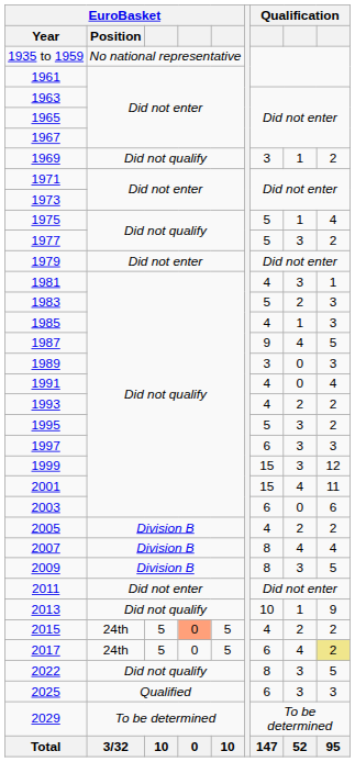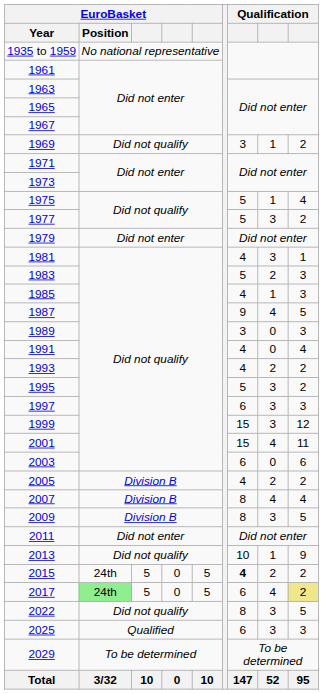 <table class="wikitable" style="text-align: center;font-size:90%;">
 <tr>
 <th colspan=5><a href='#'>EuroBasket</a></th>
 <th rowspan=36></th>
 <th colspan=3>Qualification</th>
 </tr>
 <tr>
 <th>Year</th>
 <th>Position</th>
 <th width=30></th>
 <th width=30></th>
 <th width=30></th>
 <th width=30></th>
 <th width=30></th>
 <th width=30></th>
 </tr>
 <tr>
 <td><a href='#'>1935</a> to <a href='#'>1959</a></td>
 <td colspan=4><em>No national representative</em></td>
 </tr>
 <tr>
 <td> <a href='#'>1961</a></td>
 <td colspan=4 rowspan=4><em>Did not enter</em></td>
 </tr>
 <tr>
 <td> <a href='#'>1963</a></td>
 <td colspan=3 rowspan=3><em>Did not enter</em></td>
 </tr>
 <tr>
 <td> <a href='#'>1965</a></td>
 </tr>
 <tr>
 <td> <a href='#'>1967</a></td>
 </tr>
 <tr>
 <td> <a href='#'>1969</a></td>
 <td colspan=4><em>Did not qualify</em></td>
 <td>3</td>
 <td>1</td>
 <td>2</td>
 </tr>
 <tr>
 <td> <a href='#'>1971</a></td>
 <td colspan=4 rowspan=2><em>Did not enter</em></td>
 <td colspan=3 rowspan=2><em>Did not enter</em></td>
 </tr>
 <tr>
 <td> <a href='#'>1973</a></td>
 </tr>
 <tr>
 <td> <a href='#'>1975</a></td>
 <td colspan=4 rowspan=2><em>Did not qualify</em></td>
 <td>5</td>
 <td>1</td>
 <td>4</td>
 </tr>
 <tr>
 <td> <a href='#'>1977</a></td>
 <td>5</td>
 <td>3</td>
 <td>2</td>
 </tr>
 <tr>
 <td> <a href='#'>1979</a></td>
 <td colspan=4><em>Did not enter</em></td>
 <td colspan=3><em>Did not enter</em></td>
 </tr>
 <tr>
 <td> <a href='#'>1981</a></td>
 <td colspan=4 rowspan=12><em>Did not qualify</em></td>
 <td>4</td>
 <td>3</td>
 <td>1</td>
 </tr>
 <tr>
 <td> <a href='#'>1983</a></td>
 <td>5</td>
 <td>2</td>
 <td>3</td>
 </tr>
 <tr>
 <td> <a href='#'>1985</a></td>
 <td>4</td>
 <td>1</td>
 <td>3</td>
 </tr>
 <tr>
 <td> <a href='#'>1987</a></td>
 <td>9</td>
 <td>4</td>
 <td>5</td>
 </tr>
 <tr>
 <td> <a href='#'>1989</a></td>
 <td>3</td>
 <td>0</td>
 <td>3</td>
 </tr>
 <tr>
 <td> <a href='#'>1991</a></td>
 <td>4</td>
 <td>0</td>
 <td>4</td>
 </tr>
 <tr>
 <td> <a href='#'>1993</a></td>
 <td>4</td>
 <td>2</td>
 <td>2</td>
 </tr>
 <tr>
 <td> <a href='#'>1995</a></td>
 <td>5</td>
 <td>3</td>
 <td>2</td>
 </tr>
 <tr>
 <td> <a href='#'>1997</a></td>
 <td>6</td>
 <td>3</td>
 <td>3</td>
 </tr>
 <tr>
 <td> <a href='#'>1999</a></td>
 <td>15</td>
 <td>3</td>
 <td>12</td>
 </tr>
 <tr>
 <td> <a href='#'>2001</a></td>
 <td>15</td>
 <td>4</td>
 <td>11</td>
 </tr>
 <tr>
 <td> <a href='#'>2003</a></td>
 <td>6</td>
 <td>0</td>
 <td>6</td>
 </tr>
 <tr>
 <td> <a href='#'>2005</a></td>
 <td colspan=4><em><a href='#'>Division B</a></em></td>
 <td>4</td>
 <td>2</td>
 <td>2</td>
 </tr>
 <tr>
 <td> <a href='#'>2007</a></td>
 <td colspan=4><em><a href='#'>Division B</a></em></td>
 <td>8</td>
 <td>4</td>
 <td>4</td>
 </tr>
 <tr>
 <td> <a href='#'>2009</a></td>
 <td colspan=4><em><a href='#'>Division B</a></em></td>
 <td>8</td>
 <td>3</td>
 <td>5</td>
 </tr>
 <tr>
 <td> <a href='#'>2011</a></td>
 <td colspan=4><em>Did not enter</em></td>
 <td colspan=3><em>Did not enter</em></td>
 </tr>
 <tr>
 <td> <a href='#'>2013</a></td>
 <td colspan=4><em>Did not qualify</em></td>
 <td>10</td>
 <td>1</td>
 <td>9</td>
 </tr>
 <tr>
 <td> <a href='#'>2015</a></td>
 <td>24th</td>
 <td>5</td>
-<td style="background: lightsalmon;">0</td>
+<td>0</td>
 <td>5</td>
-<td>4</td>
+<td><strong>4</strong></td>
 <td>2</td>
 <td>2</td>
 </tr>
 <tr>
 <td> <a href='#'>2017</a></td>
-<td>24th</td>
+<td style="background: lightgreen;">24th</td>
 <td>5</td>
 <td>0</td>
 <td>5</td>
 <td>6</td>
 <td>4</td>
 <td style="background: khaki;">2</td>
 </tr>
 <tr>
 <td> <a href='#'>2022</a></td>
 <td colspan=4><em>Did not qualify</em></td>
 <td>8</td>
 <td>3</td>
 <td>5</td>
 </tr>
 <tr>
 <td> <a href='#'>2025</a></td>
 <td colspan=4><em>Qualified</em></td>
 <td>6</td>
 <td>3</td>
 <td>3</td>
 </tr>
 <tr>
 <td> <a href='#'>2029</a></td>
 <td colspan=4><em>To be determined</em></td>
 <td colspan=3><em>To be determined</em></td>
 </tr>
 <tr>
 <th>Total</th>
 <th>3/32</th>
 <th>10</th>
 <th>0</th>
 <th>10</th>
 <th>147</th>
 <th>52</th>
 <th>95</th>
 </tr>
 </table>
